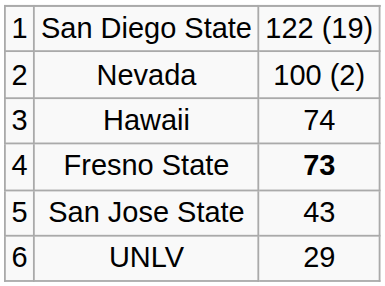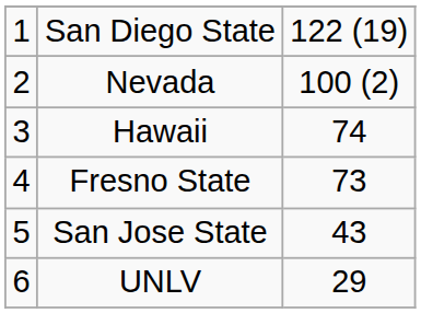 <table class="wikitable" style="display: inline-table;">
 <tr align="center">
 </tr>
 <tr align="center">
 <td>1</td>
 <td>San Diego State</td>
 <td>122 (19)</td>
 </tr>
 <tr align="center">
 <td>2</td>
 <td>Nevada</td>
 <td>100 (2)</td>
 </tr>
 <tr align="center">
 <td>3</td>
 <td>Hawaii</td>
 <td>74</td>
 </tr>
 <tr align="center">
 <td>4</td>
 <td>Fresno State</td>
-<td><strong>73</strong></td>
+<td>73</td>
 </tr>
 <tr align="center">
 <td>5</td>
 <td>San Jose State</td>
 <td>43</td>
 </tr>
 <tr align="center">
 <td>6</td>
 <td>UNLV</td>
 <td>29</td>
 </tr>
 </table>
